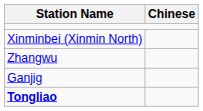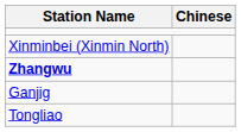 <table class="wikitable">
 <tr>
 <th>Station Name</th>
 <th>Chinese<br>   </th>
 </tr>
 <tr style="background:#">
 <td colspan = "11"></td>
 </tr>
 <tr>
 <td><a href='#'>Xinminbei (Xinmin North)</a></td>
 <td></td>
 </tr>
 <tr>
-<td><a href='#'>Zhangwu</a></td>
+<td><strong><a href='#'>Zhangwu</a></strong></td>
 <td></td>
 </tr>
 <tr>
 <td><a href='#'>Ganjig</a></td>
 <td></td>
 </tr>
 <tr>
-<td><strong><a href='#'>Tongliao</a></strong></td>
+<td><a href='#'>Tongliao</a></td>
 <td></td>
 </tr>
 </table>
